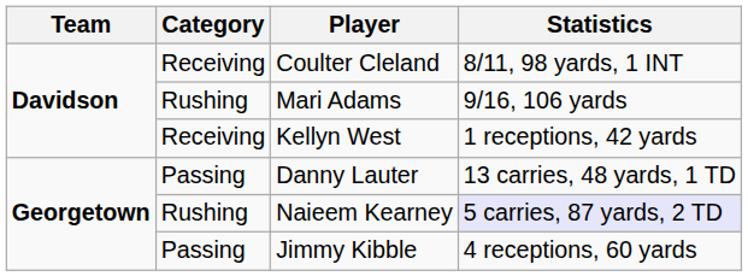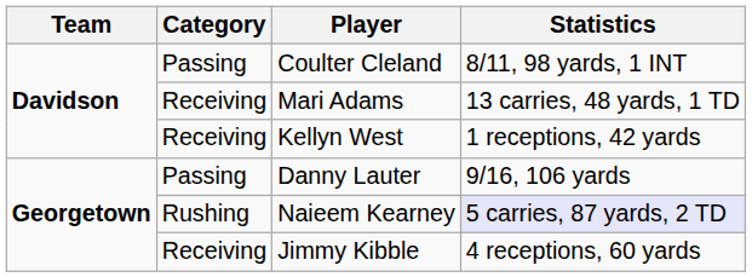 <table class="wikitable" style="float: right;">
 <tr>
 <th>Team</th>
 <th>Category</th>
 <th>Player</th>
 <th>Statistics</th>
 </tr>
 <tr>
 <td rowspan=3><strong>Davidson</strong></td>
-<td>Receiving</td>
+<td>Passing</td>
 <td>Coulter Cleland</td>
 <td>8/11, 98 yards, 1 INT</td>
 </tr>
 <tr>
-<td>Rushing</td>
+<td>Receiving</td>
 <td>Mari Adams</td>
-<td>9/16, 106 yards</td>
+<td>13 carries, 48 yards, 1 TD</td>
 </tr>
 <tr>
 <td>Receiving</td>
 <td>Kellyn West</td>
 <td>1 receptions, 42 yards</td>
 </tr>
 <tr>
 <td rowspan=3><strong>Georgetown</strong></td>
 <td>Passing</td>
 <td>Danny Lauter</td>
-<td>13 carries, 48 yards, 1 TD</td>
+<td>9/16, 106 yards</td>
 </tr>
 <tr>
 <td>Rushing</td>
 <td>Naieem Kearney</td>
 <td style="background: lavender;">5 carries, 87 yards, 2 TD</td>
 </tr>
 <tr>
-<td>Passing</td>
+<td>Receiving</td>
 <td>Jimmy Kibble</td>
 <td>4 receptions, 60 yards</td>
 </tr>
 </table>
